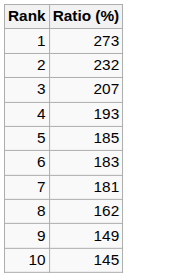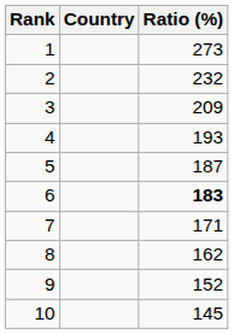 <table class="wikitable" style="text-align:right;">
 <tr>
 <th>Rank</th>
+<th>Country</th>
 <th>Ratio (%)</th>
 </tr>
 <tr>
 <td>1</td>
+<td style="text-align:left;"></td>
 <td>273</td>
 </tr>
 <tr>
 <td>2</td>
+<td style="text-align:left;"></td>
 <td>232</td>
 </tr>
 <tr>
 <td>3</td>
-<td>207</td>
+<td style="text-align:left;"></td>
+<td>209</td>
 </tr>
 <tr>
 <td>4</td>
+<td style="text-align:left;"></td>
 <td>193</td>
 </tr>
 <tr>
 <td>5</td>
-<td>185</td>
+<td style="text-align:left;"></td>
+<td>187</td>
 </tr>
 <tr>
 <td>6</td>
-<td>183</td>
+<td style="text-align:left;"></td>
+<td><strong>183</strong></td>
 </tr>
 <tr>
 <td>7</td>
-<td>181</td>
+<td style="text-align:left;"></td>
+<td>171</td>
 </tr>
 <tr>
 <td>8</td>
+<td style="text-align:left;"></td>
 <td>162</td>
 </tr>
 <tr>
 <td>9</td>
-<td>149</td>
+<td style="text-align:left;"></td>
+<td>152</td>
 </tr>
 <tr>
 <td>10</td>
+<td style="text-align:left;"></td>
 <td>145</td>
 </tr>
 </table>
